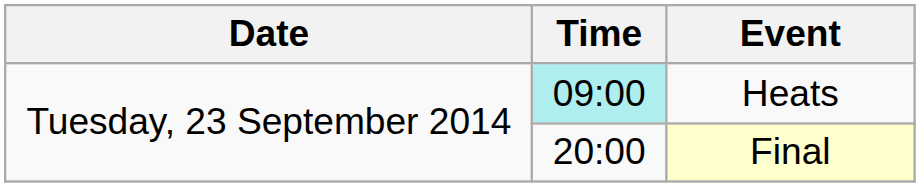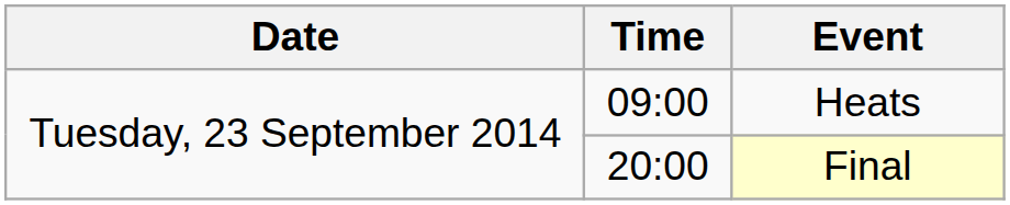 <table class = "wikitable" style="text-align:center;">
 <tr>
 <th width=220>Date</th>
 <th width=50>Time</th>
 <th width=100>Event</th>
 </tr>
 <tr>
 <td rowspan=2>Tuesday, 23 September 2014</td>
-<td style="background: paleturquoise;">09:00</td>
+<td>09:00</td>
 <td>Heats</td>
 </tr>
 <tr>
 <td>20:00</td>
 <td bgcolor=ffffcc>Final</td>
 </tr>
 </table>
